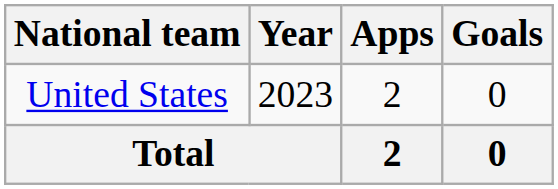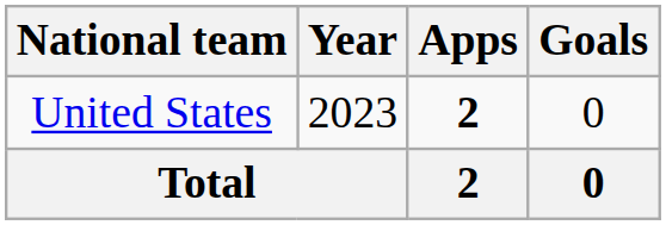 <table class="wikitable" style="text-align:center">
 <tr>
 <th>National team</th>
 <th>Year</th>
 <th>Apps</th>
 <th>Goals</th>
 </tr>
 <tr>
 <td rowspan="1"><a href='#'>United States</a></td>
 <td>2023</td>
-<td>2</td>
+<td><strong>2</strong></td>
 <td>0</td>
 </tr>
 <tr>
 <th colspan="2">Total</th>
 <th>2</th>
 <th>0</th>
 </tr>
 </table>
